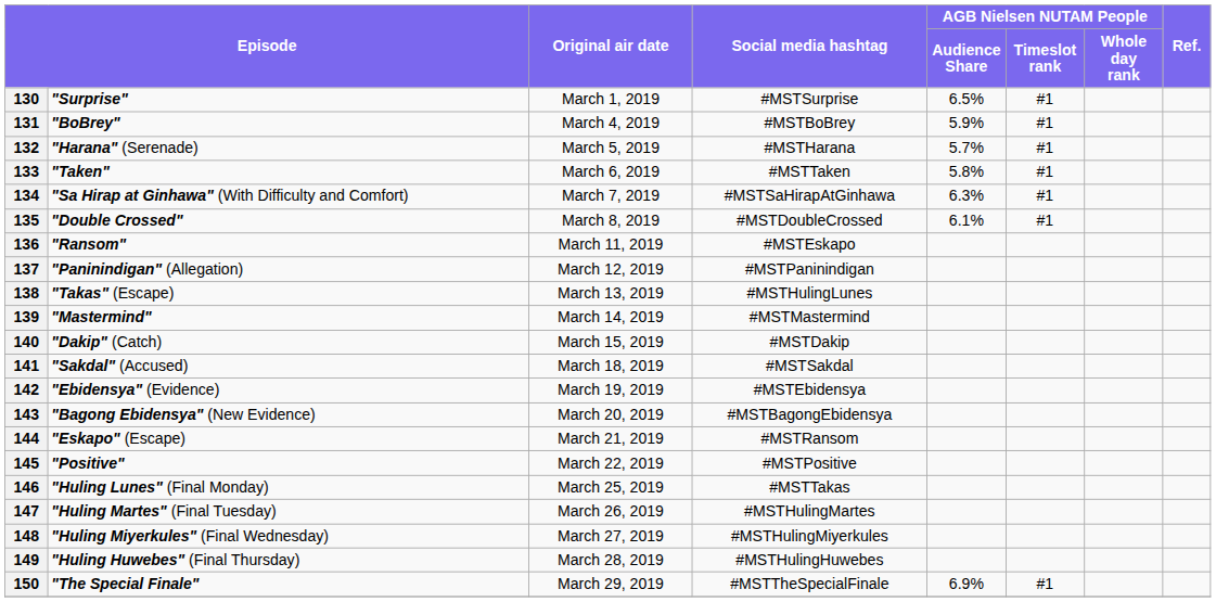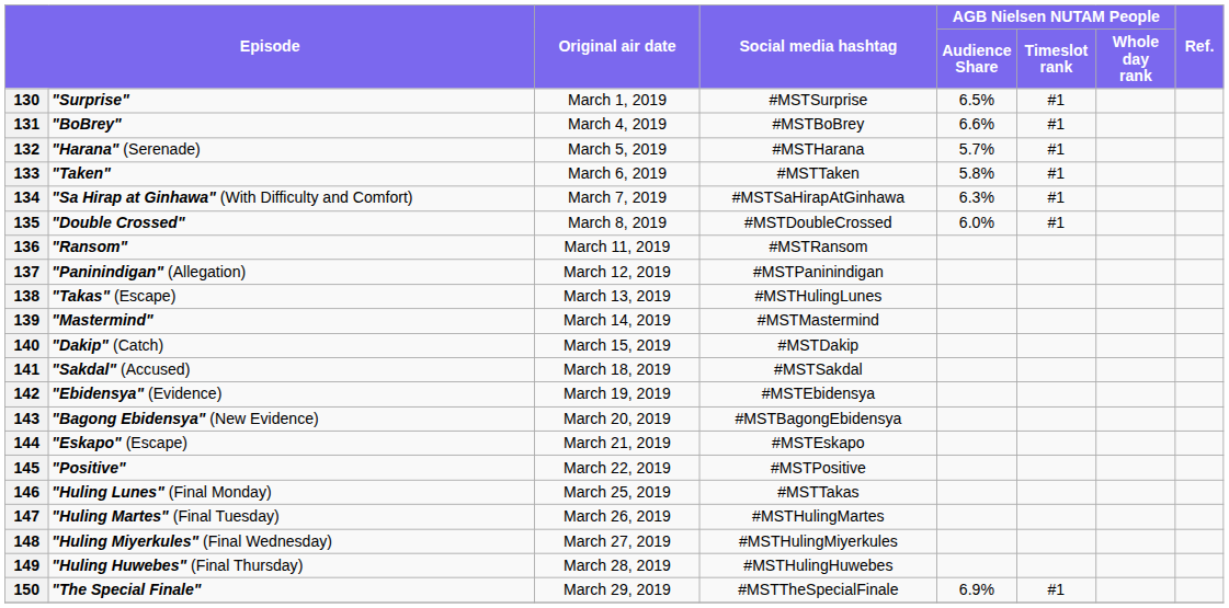 <table class="wikitable" style="text-align:center; font-size:100%; line-height:18px;" width="100%">
 <tr>
 <th style="background-color:#7B68EE; color:#ffffff;" colspan="2" rowspan="2">Episode</th>
 <th style="background-color:#7B68EE; color:white" rowspan="2">Original air date</th>
 <th style="background-color:#7B68EE; color:white" rowspan="2">Social media hashtag</th>
 <th style="background-color:#7B68EE; color:#ffffff;" colspan="3">AGB Nielsen NUTAM People</th>
 <th style="background-color:#7B68EE; color:#ffffff;" rowspan="2">Ref.</th>
 </tr>
 <tr>
 <th style="background-color:#7B68EE; width:75px; color:#ffffff;">Audience Share</th>
 <th style="background-color:#7B68EE; width:75px; color:#ffffff;">Timeslot<br>rank</th>
 <th style="background-color:#7B68EE; width:75px; color:#ffffff;">Whole day<br>rank</th>
 </tr>
 <tr>
 <th>130</th>
 <td style="text-align: left;"><strong><em>"Surprise"</em></strong></td>
 <td>March 1, 2019</td>
 <td>#MSTSurprise</td>
 <td>6.5%</td>
 <td>#1</td>
 <td></td>
 <td></td>
 </tr>
 <tr>
 <th>131</th>
 <td style="text-align: left;"><strong><em>"BoBrey"</em></strong></td>
 <td>March 4, 2019</td>
 <td>#MSTBoBrey</td>
-<td>5.9%</td>
+<td>6.6%</td>
 <td>#1</td>
 <td></td>
 <td></td>
 </tr>
 <tr>
 <th>132</th>
 <td style="text-align: left;"><strong><em>"Harana"</em></strong> (Serenade)</td>
 <td>March 5, 2019</td>
 <td>#MSTHarana</td>
 <td>5.7%</td>
 <td>#1</td>
 <td></td>
 <td></td>
 </tr>
 <tr>
 <th>133</th>
 <td style="text-align: left;"><strong><em>"Taken"</em></strong></td>
 <td>March 6, 2019</td>
 <td>#MSTTaken</td>
 <td>5.8%</td>
 <td>#1</td>
 <td></td>
 <td></td>
 </tr>
 <tr>
 <th>134</th>
 <td style="text-align: left;"><strong><em>"Sa Hirap at Ginhawa"</em></strong> (With Difficulty and Comfort)</td>
 <td>March 7, 2019</td>
 <td>#MSTSaHirapAtGinhawa</td>
 <td>6.3%</td>
 <td>#1</td>
 <td></td>
 <td></td>
 </tr>
 <tr>
 <th>135</th>
 <td style="text-align: left;"><strong><em>"Double Crossed"</em></strong></td>
 <td>March 8, 2019</td>
 <td>#MSTDoubleCrossed</td>
-<td>6.1%</td>
+<td>6.0%</td>
 <td>#1</td>
 <td></td>
 <td></td>
 </tr>
 <tr>
 <th>136</th>
 <td style="text-align: left;"><strong><em>"Ransom"</em></strong></td>
 <td>March 11, 2019</td>
-<td>#MSTEskapo</td>
+<td>#MSTRansom</td>
 <td></td>
 <td></td>
 <td></td>
 <td></td>
 </tr>
 <tr>
 <th>137</th>
 <td style="text-align: left;"><strong><em>"Paninindigan"</em></strong> (Allegation)</td>
 <td>March 12, 2019</td>
 <td>#MSTPaninindigan</td>
 <td></td>
 <td></td>
 <td></td>
 <td></td>
 </tr>
 <tr>
 <th>138</th>
 <td style="text-align: left;"><strong><em>"Takas"</em></strong> (Escape)</td>
 <td>March 13, 2019</td>
 <td>#MSTHulingLunes</td>
 <td></td>
 <td></td>
 <td></td>
 <td></td>
 </tr>
 <tr>
 <th>139</th>
 <td style="text-align: left;"><strong><em>"Mastermind"</em></strong></td>
 <td>March 14, 2019</td>
 <td>#MSTMastermind</td>
 <td></td>
 <td></td>
 <td></td>
 <td></td>
 </tr>
 <tr>
 <th>140</th>
 <td style="text-align: left;"><strong><em>"Dakip"</em></strong> (Catch)</td>
 <td>March 15, 2019</td>
 <td>#MSTDakip</td>
 <td></td>
 <td></td>
 <td></td>
 <td></td>
 </tr>
 <tr>
 <th>141</th>
 <td style="text-align: left;"><strong><em>"Sakdal"</em></strong> (Accused)</td>
 <td>March 18, 2019</td>
 <td>#MSTSakdal</td>
 <td></td>
 <td></td>
 <td></td>
 <td></td>
 </tr>
 <tr>
 <th>142</th>
 <td style="text-align: left;"><strong><em>"Ebidensya"</em></strong> (Evidence)</td>
 <td>March 19, 2019</td>
 <td>#MSTEbidensya</td>
 <td></td>
 <td></td>
 <td></td>
 <td></td>
 </tr>
 <tr>
 <th>143</th>
 <td style="text-align: left;"><strong><em>"Bagong Ebidensya"</em></strong> (New Evidence)</td>
 <td>March 20, 2019</td>
 <td>#MSTBagongEbidensya</td>
 <td></td>
 <td></td>
 <td></td>
 <td></td>
 </tr>
 <tr>
 <th>144</th>
 <td style="text-align: left;"><strong><em>"Eskapo"</em></strong> (Escape)</td>
 <td>March 21, 2019</td>
-<td>#MSTRansom</td>
+<td>#MSTEskapo</td>
 <td></td>
 <td></td>
 <td></td>
 <td></td>
 </tr>
 <tr>
 <th>145</th>
 <td style="text-align: left;"><strong><em>"Positive"</em></strong></td>
 <td>March 22, 2019</td>
 <td>#MSTPositive</td>
 <td></td>
 <td></td>
 <td></td>
 <td></td>
 </tr>
 <tr>
 <th>146</th>
 <td style="text-align: left;"><strong><em>"Huling Lunes"</em></strong> (Final Monday)</td>
 <td>March 25, 2019</td>
 <td>#MSTTakas</td>
 <td></td>
 <td></td>
 <td></td>
 <td></td>
 </tr>
 <tr>
 <th>147</th>
 <td style="text-align: left;"><strong><em>"Huling Martes"</em></strong> (Final Tuesday)</td>
 <td>March 26, 2019</td>
 <td>#MSTHulingMartes</td>
 <td></td>
 <td></td>
 <td></td>
 <td></td>
 </tr>
 <tr>
 <th>148</th>
 <td style="text-align: left;"><strong><em>"Huling Miyerkules"</em></strong> (Final Wednesday)</td>
 <td>March 27, 2019</td>
 <td>#MSTHulingMiyerkules</td>
 <td></td>
 <td></td>
 <td></td>
 <td></td>
 </tr>
 <tr>
 <th>149</th>
 <td style="text-align: left;"><strong><em>"Huling Huwebes"</em></strong> (Final Thursday)</td>
 <td>March 28, 2019</td>
 <td>#MSTHulingHuwebes</td>
 <td></td>
 <td></td>
 <td></td>
 <td></td>
 </tr>
 <tr>
 <th>150</th>
 <td style="text-align: left;"><strong><em>"The Special Finale"</em></strong></td>
 <td>March 29, 2019</td>
 <td>#MSTTheSpecialFinale</td>
 <td>6.9%</td>
 <td>#1</td>
 <td></td>
 <td></td>
 </tr>
 <tr>
 </tr>
 </table>
